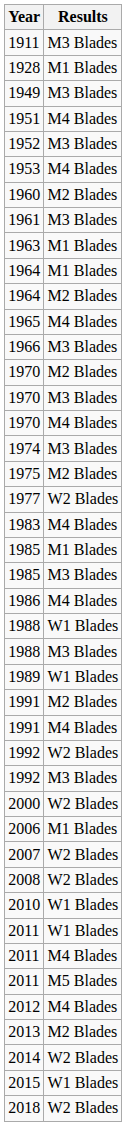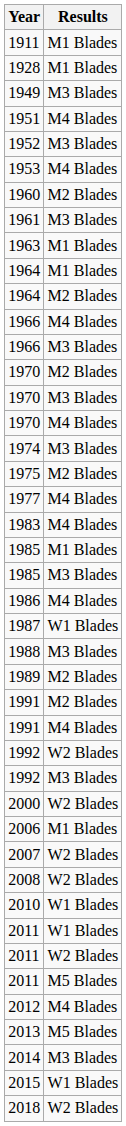 <table class="wikitable">
 <tr>
 <th>Year</th>
 <th>Results</th>
 </tr>
 <tr>
 <td>1911</td>
-<td>M3 Blades</td>
+<td>M1 Blades</td>
 </tr>
 <tr>
 <td>1928</td>
 <td>M1 Blades</td>
 </tr>
 <tr>
 <td>1949</td>
 <td>M3 Blades</td>
 </tr>
 <tr>
 <td>1951</td>
 <td>M4 Blades</td>
 </tr>
 <tr>
 <td>1952</td>
 <td>M3 Blades</td>
 </tr>
 <tr>
 <td>1953</td>
 <td>M4 Blades</td>
 </tr>
 <tr>
 <td>1960</td>
 <td>M2 Blades</td>
 </tr>
 <tr>
 <td>1961</td>
 <td>M3 Blades</td>
 </tr>
 <tr>
 <td>1963</td>
 <td>M1 Blades</td>
 </tr>
 <tr>
 <td>1964</td>
 <td>M1 Blades</td>
 </tr>
 <tr>
 <td>1964</td>
 <td>M2 Blades</td>
 </tr>
 <tr>
-<td>1965</td>
+<td>1966</td>
 <td>M4 Blades</td>
 </tr>
 <tr>
 <td>1966</td>
 <td>M3 Blades</td>
 </tr>
 <tr>
 <td>1970</td>
 <td>M2 Blades</td>
 </tr>
 <tr>
 <td>1970</td>
 <td>M3 Blades</td>
 </tr>
 <tr>
 <td>1970</td>
 <td>M4 Blades</td>
 </tr>
 <tr>
 <td>1974</td>
 <td>M3 Blades</td>
 </tr>
 <tr>
 <td>1975</td>
 <td>M2 Blades</td>
 </tr>
 <tr>
 <td>1977</td>
-<td>W2 Blades</td>
+<td>M4 Blades</td>
 </tr>
 <tr>
 <td>1983</td>
 <td>M4 Blades</td>
 </tr>
 <tr>
 <td>1985</td>
 <td>M1 Blades</td>
 </tr>
 <tr>
 <td>1985</td>
 <td>M3 Blades</td>
 </tr>
 <tr>
 <td>1986</td>
 <td>M4 Blades</td>
 </tr>
 <tr>
-<td>1988</td>
+<td>1987</td>
 <td>W1 Blades</td>
 </tr>
 <tr>
 <td>1988</td>
 <td>M3 Blades</td>
 </tr>
 <tr>
 <td>1989</td>
-<td>W1 Blades</td>
+<td>M2 Blades</td>
 </tr>
 <tr>
 <td>1991</td>
 <td>M2 Blades</td>
 </tr>
 <tr>
 <td>1991</td>
 <td>M4 Blades</td>
 </tr>
 <tr>
 <td>1992</td>
 <td>W2 Blades</td>
 </tr>
 <tr>
 <td>1992</td>
 <td>M3 Blades</td>
 </tr>
 <tr>
 <td>2000</td>
 <td>W2 Blades</td>
 </tr>
 <tr>
 <td>2006</td>
 <td>M1 Blades</td>
 </tr>
 <tr>
 <td>2007</td>
 <td>W2 Blades</td>
 </tr>
 <tr>
 <td>2008</td>
 <td>W2 Blades</td>
 </tr>
 <tr>
 <td>2010</td>
 <td>W1 Blades</td>
 </tr>
 <tr>
 <td>2011</td>
 <td>W1 Blades</td>
 </tr>
 <tr>
 <td>2011</td>
-<td>M4 Blades</td>
+<td>W2 Blades</td>
 </tr>
 <tr>
 <td>2011</td>
 <td>M5 Blades</td>
 </tr>
 <tr>
 <td>2012</td>
 <td>M4 Blades</td>
 </tr>
 <tr>
 <td>2013</td>
-<td>M2 Blades</td>
+<td>M5 Blades</td>
 </tr>
 <tr>
 <td>2014</td>
-<td>W2 Blades</td>
+<td>M3 Blades</td>
 </tr>
 <tr>
 <td>2015</td>
 <td>W1 Blades</td>
 </tr>
 <tr>
 <td>2018</td>
 <td>W2 Blades</td>
 </tr>
 </table>
